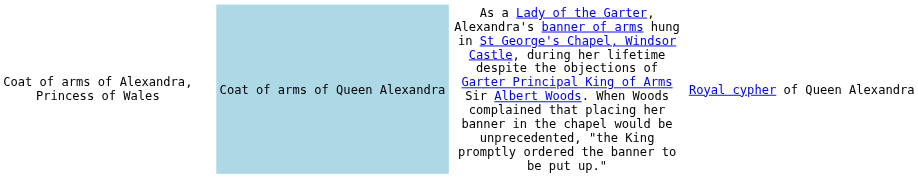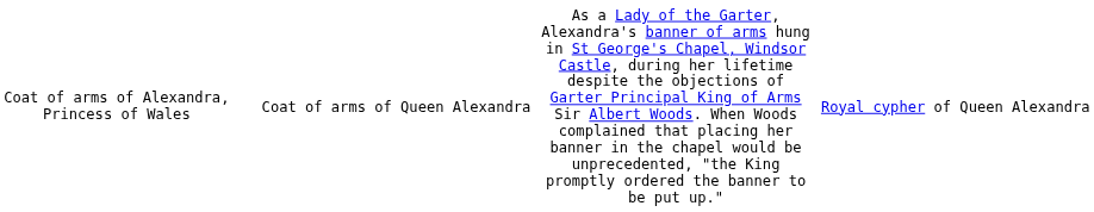 <table border="0" align="center" width="80%">
 <tr>
 <th width=25%></th>
 <th width=25%></th>
 <th width=25%></th>
 <th width=25%></th>
 </tr>
 <tr>
 <td style="text-align: center;">Coat of arms of Alexandra, Princess of Wales</td>
-<td style="background: lightblue; text-align: center;">Coat of arms of Queen Alexandra</td>
+<td style="text-align: center;">Coat of arms of Queen Alexandra</td>
 <td style="text-align: center;">As a <a href='#'>Lady of the Garter</a>, Alexandra's <a href='#'>banner of arms</a> hung in <a href='#'>St George's Chapel, Windsor Castle</a>, during her lifetime despite the objections of <a href='#'>Garter Principal King of Arms</a> Sir <a href='#'>Albert Woods</a>. When Woods complained that placing her banner in the chapel would be unprecedented, "the King promptly ordered the banner to be put up."</td>
 <td style="text-align: center;"><a href='#'>Royal cypher</a> of Queen Alexandra</td>
 </tr>
 </table>
